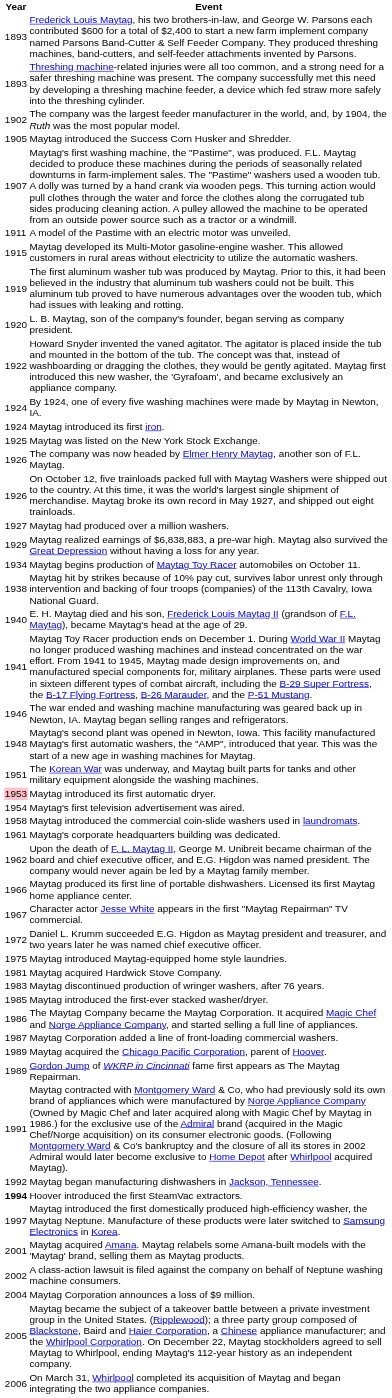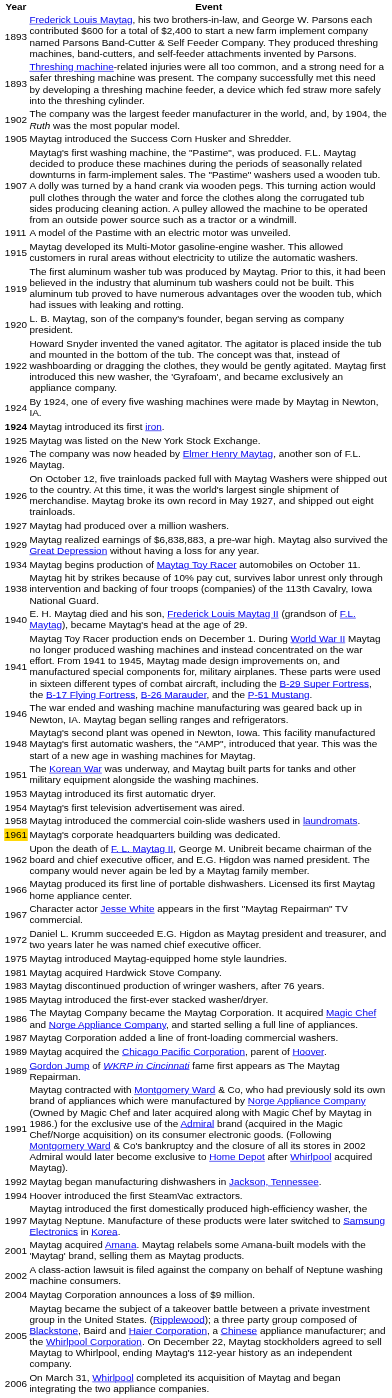 <table>
 <tr>
 <th>Year</th>
 <th>Event</th>
 </tr>
 <tr>
 <td>1893</td>
 <td><a href='#'>Frederick Louis Maytag</a>, his two brothers-in-law, and George W. Parsons each contributed $600 for a total of $2,400 to start a new farm implement company named Parsons Band-Cutter & Self Feeder Company. They produced threshing machines, band-cutters, and self-feeder attachments invented by Parsons.</td>
 </tr>
 <tr>
 <td>1893</td>
 <td><a href='#'>Threshing machine</a>-related injuries were all too common, and a strong need for a safer threshing machine was present. The company successfully met this need by developing a threshing machine feeder, a device which fed straw more safely into the threshing cylinder.</td>
 </tr>
 <tr>
 <td>1902</td>
 <td>The company was the largest feeder manufacturer in the world, and, by 1904, the <em>Ruth</em> was the most popular model.</td>
 </tr>
 <tr>
 <td>1905</td>
 <td>Maytag introduced the Success Corn Husker and Shredder.</td>
 </tr>
 <tr>
 <td>1907</td>
 <td>Maytag's first washing machine, the "Pastime", was produced. F.L. Maytag decided to produce these machines during the periods of seasonally related downturns in farm-implement sales. The "Pastime" washers used a wooden tub. A dolly was turned by a hand crank via wooden pegs. This turning action would pull clothes through the water and force the clothes along the corrugated tub sides producing cleaning action. A pulley allowed the machine to be operated from an outside power source such as a tractor or a windmill.</td>
 </tr>
 <tr>
 <td>1911</td>
 <td>A model of the Pastime with an electric motor was unveiled.</td>
 </tr>
 <tr>
 <td>1915</td>
 <td>Maytag developed its Multi-Motor gasoline-engine washer. This allowed customers in rural areas without electricity to utilize the automatic washers.</td>
 </tr>
 <tr>
 <td>1919</td>
 <td>The first aluminum washer tub was produced by Maytag. Prior to this, it had been believed in the industry that aluminum tub washers could not be built. This aluminum tub proved to have numerous advantages over the wooden tub, which had issues with leaking and rotting.</td>
 </tr>
 <tr>
 <td>1920</td>
 <td>L. B. Maytag, son of the company's founder, began serving as company president.</td>
 </tr>
 <tr>
 <td>1922</td>
 <td>Howard Snyder invented the vaned agitator. The agitator is placed inside the tub and mounted in the bottom of the tub. The concept was that, instead of washboarding or dragging the clothes, they would be gently agitated. Maytag first introduced this new washer, the 'Gyrafoam', and became exclusively an appliance company.</td>
 </tr>
 <tr>
 <td>1924</td>
 <td>By 1924, one of every five washing machines were made by Maytag in Newton, IA.</td>
 </tr>
 <tr>
-<td>1924</td>
+<td><strong>1924</strong></td>
 <td>Maytag introduced its first <a href='#'>iron</a>.</td>
 </tr>
 <tr>
 <td>1925</td>
 <td>Maytag was listed on the New York Stock Exchange.</td>
 </tr>
 <tr>
 <td>1926</td>
 <td>The company was now headed by <a href='#'>Elmer Henry Maytag</a>, another son of F.L. Maytag.</td>
 </tr>
 <tr>
 <td>1926</td>
 <td>On October 12, five trainloads packed full with Maytag Washers were shipped out to the country. At this time, it was the world's largest single shipment of merchandise. Maytag broke its own record in May 1927, and shipped out eight trainloads.</td>
 </tr>
 <tr>
 <td>1927</td>
 <td>Maytag had produced over a million washers.</td>
 </tr>
 <tr>
 <td>1929</td>
 <td>Maytag realized earnings of $6,838,883, a pre-war high. Maytag also survived the <a href='#'>Great Depression</a> without having a loss for any year.</td>
 </tr>
 <tr>
 <td>1934</td>
 <td>Maytag begins production of <a href='#'>Maytag Toy Racer</a> automobiles on October 11.</td>
 </tr>
 <tr>
 <td>1938</td>
 <td>Maytag hit by strikes because of 10% pay cut, survives labor unrest only through intervention and backing of four troops (companies) of the 113th Cavalry, Iowa National Guard.</td>
 </tr>
 <tr>
 <td>1940</td>
 <td>E. H. Maytag died and his son, <a href='#'>Frederick Louis Maytag II</a> (grandson of <a href='#'>F.L. Maytag</a>), became Maytag's head at the age of 29.</td>
 </tr>
 <tr>
 <td>1941</td>
 <td>Maytag Toy Racer production ends on December 1. During <a href='#'>World War II</a> Maytag no longer produced washing machines and instead concentrated on the war effort. From 1941 to 1945, Maytag made design improvements on, and manufactured special components for, military airplanes. These parts were used in sixteen different types of combat aircraft, including the <a href='#'>B-29 Super Fortress</a>, the <a href='#'>B-17 Flying Fortress</a>, <a href='#'>B-26 Marauder</a>, and the <a href='#'>P-51 Mustang</a>.</td>
 </tr>
 <tr>
 <td>1946</td>
 <td>The war ended and washing machine manufacturing was geared back up in Newton, IA. Maytag began selling ranges and refrigerators.</td>
 </tr>
 <tr>
 <td>1948</td>
 <td>Maytag's second plant was opened in Newton, Iowa. This facility manufactured Maytag's first automatic washers, the "AMP", introduced that year. This was the start of a new age in washing machines for Maytag.</td>
 </tr>
 <tr>
 <td>1951</td>
 <td>The <a href='#'>Korean War</a> was underway, and Maytag built parts for tanks and other military equipment alongside the washing machines.</td>
 </tr>
 <tr>
-<td style="background: pink;">1953</td>
+<td>1953</td>
 <td>Maytag introduced its first automatic dryer.</td>
 </tr>
 <tr>
 <td>1954</td>
 <td>Maytag's first television advertisement was aired.</td>
 </tr>
 <tr>
 <td>1958</td>
 <td>Maytag introduced the commercial coin-slide washers used in <a href='#'>laundromats</a>.</td>
 </tr>
 <tr>
-<td>1961</td>
+<td style="background: gold;">1961</td>
 <td>Maytag's corporate headquarters building was dedicated.</td>
 </tr>
 <tr>
 <td>1962</td>
 <td>Upon the death of <a href='#'>F. L. Maytag II</a>, George M. Unibreit became chairman of the board and chief executive officer, and E.G. Higdon was named president. The company would never again be led by a Maytag family member.</td>
 </tr>
 <tr>
 <td>1966</td>
 <td>Maytag produced its first line of portable dishwashers. Licensed its first Maytag home appliance center.</td>
 </tr>
 <tr>
 <td>1967</td>
 <td>Character actor <a href='#'>Jesse White</a> appears in the first "Maytag Repairman" TV commercial.</td>
 </tr>
 <tr>
 <td>1972</td>
 <td>Daniel L. Krumm succeeded E.G. Higdon as Maytag president and treasurer, and two years later he was named chief executive officer.</td>
 </tr>
 <tr>
 <td>1975</td>
 <td>Maytag introduced Maytag-equipped home style laundries.</td>
 </tr>
 <tr>
 <td>1981</td>
 <td>Maytag acquired Hardwick Stove Company.</td>
 </tr>
 <tr>
 <td>1983</td>
 <td>Maytag discontinued production of wringer washers, after 76 years.</td>
 </tr>
 <tr>
 <td>1985</td>
 <td>Maytag introduced the first-ever stacked washer/dryer.</td>
 </tr>
 <tr>
 <td>1986</td>
 <td>The Maytag Company became the Maytag Corporation. It acquired <a href='#'>Magic Chef</a> and <a href='#'>Norge Appliance Company</a>, and started selling a full line of appliances.</td>
 </tr>
 <tr>
 <td>1987</td>
 <td>Maytag Corporation added a line of front-loading commercial washers.</td>
 </tr>
 <tr>
 <td>1989</td>
 <td>Maytag acquired the <a href='#'>Chicago Pacific Corporation</a>, parent of <a href='#'>Hoover</a>.</td>
 </tr>
 <tr>
 <td>1989</td>
 <td><a href='#'>Gordon Jump</a> of <em><a href='#'>WKRP in Cincinnati</a></em> fame first appears as The Maytag Repairman.</td>
 </tr>
 <tr>
 <td>1991</td>
 <td>Maytag contracted with <a href='#'>Montgomery Ward</a> & Co, who had previously sold its own brand of appliances which were manufactured by <a href='#'>Norge Appliance Company</a> (Owned by Magic Chef and later acquired along with Magic Chef by Maytag in 1986.) for the exclusive use of the <a href='#'>Admiral</a> brand (acquired in the Magic Chef/Norge acquisition) on its consumer electronic goods. (Following <a href='#'>Montgomery Ward</a> & Co's bankruptcy and the closure of all its stores in 2002 Admiral would later become exclusive to <a href='#'>Home Depot</a> after <a href='#'>Whirlpool</a> acquired Maytag).</td>
 </tr>
 <tr>
 <td>1992</td>
 <td>Maytag began manufacturing dishwashers in <a href='#'>Jackson, Tennessee</a>.</td>
 </tr>
 <tr>
-<td><strong>1994</strong></td>
+<td>1994</td>
 <td>Hoover introduced the first SteamVac extractors.</td>
 </tr>
 <tr>
 <td>1997</td>
 <td>Maytag introduced the first domestically produced high-efficiency washer, the Maytag Neptune. Manufacture of these products were later switched to <a href='#'>Samsung Electronics</a> in <a href='#'>Korea</a>.</td>
 </tr>
 <tr>
 <td>2001</td>
 <td>Maytag acquired <a href='#'>Amana</a>. Maytag relabels some Amana-built models with the 'Maytag' brand, selling them as Maytag products.</td>
 </tr>
 <tr>
 <td>2002</td>
 <td>A class-action lawsuit is filed against the company on behalf of Neptune washing machine consumers.</td>
 </tr>
 <tr>
 <td>2004</td>
 <td>Maytag Corporation announces a loss of $9 million.</td>
 </tr>
 <tr>
 <td>2005</td>
 <td>Maytag became the subject of a takeover battle between a private investment group in the United States. (<a href='#'>Ripplewood</a>); a three party group composed of <a href='#'>Blackstone</a>, Baird and <a href='#'>Haier Corporation</a>, a <a href='#'>Chinese</a> appliance manufacturer; and the <a href='#'>Whirlpool Corporation</a>.  On December 22, Maytag stockholders agreed to sell Maytag to Whirlpool, ending Maytag's 112-year history as an independent company.</td>
 </tr>
 <tr>
 <td>2006</td>
 <td>On March 31, <a href='#'>Whirlpool</a> completed its acquisition of Maytag and began integrating the two appliance companies.</td>
 </tr>
 </table>
